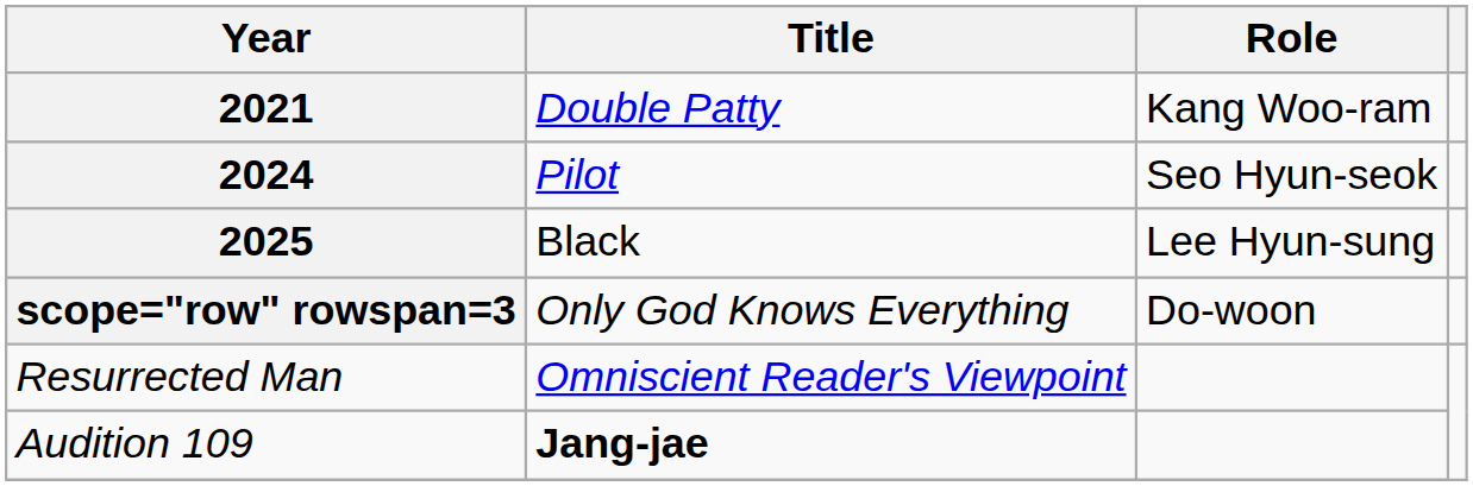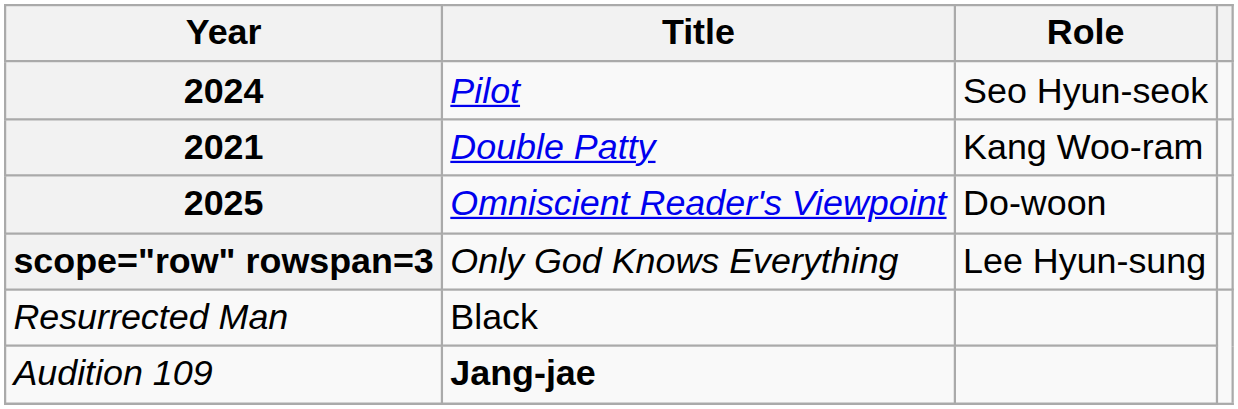 <table class="wikitable sortable plainrowheaders">
 <tr>
 <th scope="col">Year</th>
 <th scope="col">Title</th>
 <th scope="col">Role</th>
 <th scope="col" class="unsortable"></th>
 </tr>
 <tr>
+<th scope="row">2024</th>
+<td><em><a href='#'>Pilot</a></em></td>
+<td>Seo Hyun-seok</td>
+<td style="text-align:center"></td>
+</tr>
+<tr>
 <th scope="row">2021</th>
 <td><em><a href='#'>Double Patty</a></em></td>
 <td>Kang Woo-ram</td>
 <td style="text-align:center"></td>
 </tr>
 <tr>
-<th scope="row">2024</th>
-<td><em><a href='#'>Pilot</a></em></td>
-<td>Seo Hyun-seok</td>
-<td style="text-align:center"></td>
-</tr>
-<tr>
 <th scope="row">2025</th>
-<td>Black</td>
-<td>Lee Hyun-sung</td>
+<td><em><a href='#'>Omniscient Reader's Viewpoint</a></em></td>
+<td>Do-woon</td>
 <td style="text-align:center"></td>
 </tr>
 <tr>
 <th>scope="row" rowspan=3 </th>
 <td><em>Only God Knows Everything</em></td>
-<td>Do-woon</td>
+<td>Lee Hyun-sung</td>
 <td align=center></td>
 </tr>
 <tr>
 <td><em>Resurrected Man</em></td>
-<td><em><a href='#'>Omniscient Reader's Viewpoint</a></em></td>
+<td>Black</td>
 <td align=center></td>
 </tr>
 <tr>
 <td><em>Audition 109</em></td>
 <td><strong>Jang-jae</strong></td>
 <td align=center></td>
 </tr>
 <tr>
 </tr>
 </table>
